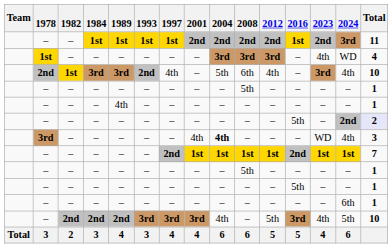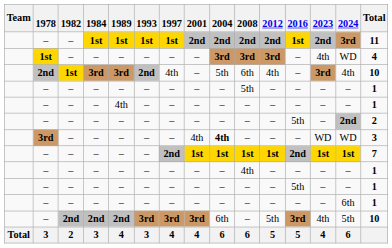 <table class=wikitable style="text-align:center">
 <tr>
 <th>Team</th>
 <th><br>1978</th>
 <th><br>1982</th>
 <th><br>1984</th>
 <th><br>1989</th>
 <th><br>1993</th>
 <th><br>1997</th>
 <th><br>2001</th>
 <th><br>2004</th>
 <th><br>2008</th>
 <th><br><a href='#'>2012</a></th>
 <th><br><a href='#'>2016</a></th>
 <th><br><a href='#'>2023</a></th>
 <th><br><a href='#'>2024</a></th>
 <th>Total</th>
 </tr>
 <tr>
 <td align=left></td>
 <td>–</td>
 <td>–</td>
 <td bgcolor=gold><strong>1st</strong></td>
 <td bgcolor=gold><strong>1st</strong></td>
 <td bgcolor=gold><strong>1st</strong></td>
 <td bgcolor=gold><strong>1st</strong></td>
 <td bgcolor=silver><strong>2nd</strong></td>
 <td bgcolor=silver><strong>2nd</strong></td>
 <td bgcolor=silver><strong>2nd</strong></td>
 <td bgcolor=silver><strong>2nd</strong></td>
 <td bgcolor=gold><strong>1st</strong></td>
 <td bgcolor=silver><strong>2nd</strong></td>
 <td bgcolor=cc9966><strong>3rd</strong></td>
 <td><strong>11</strong></td>
 </tr>
 <tr>
 <td align=left></td>
 <td bgcolor=gold><strong>1st</strong></td>
 <td>–</td>
 <td>–</td>
 <td>–</td>
 <td>–</td>
 <td>–</td>
 <td>–</td>
 <td bgcolor=cc9966><strong>3rd</strong></td>
 <td bgcolor=cc9966><strong>3rd</strong></td>
 <td bgcolor=cc9966><strong>3rd</strong></td>
 <td>–</td>
 <td>4th</td>
 <td>WD</td>
 <td><strong>4</strong></td>
 </tr>
 <tr>
 <td align=left></td>
 <td bgcolor=silver><strong>2nd</strong></td>
 <td bgcolor=gold><strong>1st</strong></td>
 <td bgcolor=cc9966><strong>3rd</strong></td>
 <td bgcolor=cc9966><strong>3rd</strong></td>
 <td bgcolor=silver><strong>2nd</strong></td>
 <td>4th</td>
 <td>–</td>
 <td>5th</td>
 <td>6th</td>
 <td>4th</td>
 <td>–</td>
 <td bgcolor=cc9966><strong>3rd</strong></td>
 <td>4th</td>
 <td><strong>10</strong></td>
 </tr>
 <tr>
 <td align=left></td>
 <td>–</td>
 <td>–</td>
 <td>–</td>
 <td>–</td>
 <td>–</td>
 <td>–</td>
 <td>–</td>
 <td>–</td>
 <td>5th</td>
 <td>–</td>
 <td>–</td>
 <td>–</td>
 <td>–</td>
 <td><strong>1</strong></td>
 </tr>
 <tr>
 <td align=left></td>
 <td>–</td>
 <td>–</td>
 <td>–</td>
 <td>4th</td>
 <td>–</td>
 <td>–</td>
 <td>–</td>
 <td>–</td>
 <td>–</td>
 <td>–</td>
 <td>–</td>
 <td>–</td>
 <td>–</td>
 <td><strong>1</strong></td>
 </tr>
 <tr>
 <td align=left></td>
 <td>–</td>
 <td>–</td>
 <td>–</td>
 <td>–</td>
 <td>–</td>
 <td>–</td>
 <td>–</td>
 <td>–</td>
 <td>–</td>
 <td>–</td>
 <td>5th</td>
 <td>–</td>
 <td bgcolor=silver><strong>2nd</strong></td>
-<td style="background: lavender;"><strong>2</strong></td>
+<td><strong>2</strong></td>
 </tr>
 <tr>
 <td align=left></td>
 <td bgcolor=cc9966><strong>3rd</strong></td>
 <td>–</td>
 <td>–</td>
 <td>–</td>
 <td>–</td>
 <td>–</td>
 <td>4th</td>
 <td><strong>4th</strong></td>
 <td>–</td>
 <td>–</td>
 <td>–</td>
 <td>WD</td>
-<td>4th</td>
+<td>WD</td>
 <td><strong>3</strong></td>
 </tr>
 <tr>
 <td align=left></td>
 <td>–</td>
 <td>–</td>
 <td>–</td>
 <td>–</td>
 <td>–</td>
 <td bgcolor=silver><strong>2nd</strong></td>
 <td bgcolor=gold><strong>1st</strong></td>
 <td bgcolor=gold><strong>1st</strong></td>
 <td bgcolor=gold><strong>1st</strong></td>
 <td bgcolor=gold><strong>1st</strong></td>
 <td bgcolor=silver><strong>2nd</strong></td>
 <td bgcolor=gold><strong>1st</strong></td>
 <td bgcolor=gold><strong>1st</strong></td>
 <td><strong>7</strong></td>
 </tr>
 <tr>
 <td align=left></td>
 <td>–</td>
 <td>–</td>
 <td>–</td>
 <td>–</td>
 <td>–</td>
 <td>–</td>
 <td>–</td>
 <td>–</td>
-<td>5th</td>
+<td>4th</td>
 <td>–</td>
 <td>–</td>
 <td>–</td>
 <td>–</td>
 <td><strong>1</strong></td>
 </tr>
 <tr>
 <td align=left></td>
 <td>–</td>
 <td>–</td>
 <td>–</td>
 <td>–</td>
 <td>–</td>
 <td>–</td>
 <td>–</td>
 <td>–</td>
 <td>–</td>
 <td>–</td>
 <td>5th</td>
 <td>–</td>
 <td>–</td>
 <td><strong>1</strong></td>
 </tr>
 <tr>
 <td align=left></td>
 <td>–</td>
 <td>–</td>
 <td>–</td>
 <td>–</td>
 <td>–</td>
 <td>–</td>
 <td>–</td>
 <td>–</td>
 <td>–</td>
 <td>–</td>
 <td>–</td>
 <td>–</td>
 <td>6th</td>
 <td><strong>1</strong></td>
 </tr>
 <tr>
 <td align=left></td>
 <td>–</td>
 <td bgcolor=silver><strong>2nd</strong></td>
 <td bgcolor=silver><strong>2nd</strong></td>
 <td bgcolor=silver><strong>2nd</strong></td>
 <td bgcolor=cc9966><strong>3rd</strong></td>
 <td bgcolor=cc9966><strong>3rd</strong></td>
 <td bgcolor=cc9966><strong>3rd</strong></td>
-<td>4th</td>
+<td>6th</td>
 <td>–</td>
 <td>5th</td>
 <td bgcolor=cc9966><strong>3rd</strong></td>
 <td>4th</td>
 <td>5th</td>
 <td><strong>10</strong></td>
 </tr>
 <tr>
 <th>Total</th>
 <th>3</th>
 <th>2</th>
 <th>3</th>
 <th>4</th>
 <th>3</th>
 <th>4</th>
 <th>4</th>
 <th>6</th>
 <th>6</th>
 <th>5</th>
 <th>5</th>
 <th>4</th>
 <th>6</th>
 <th></th>
 </tr>
 </table>
